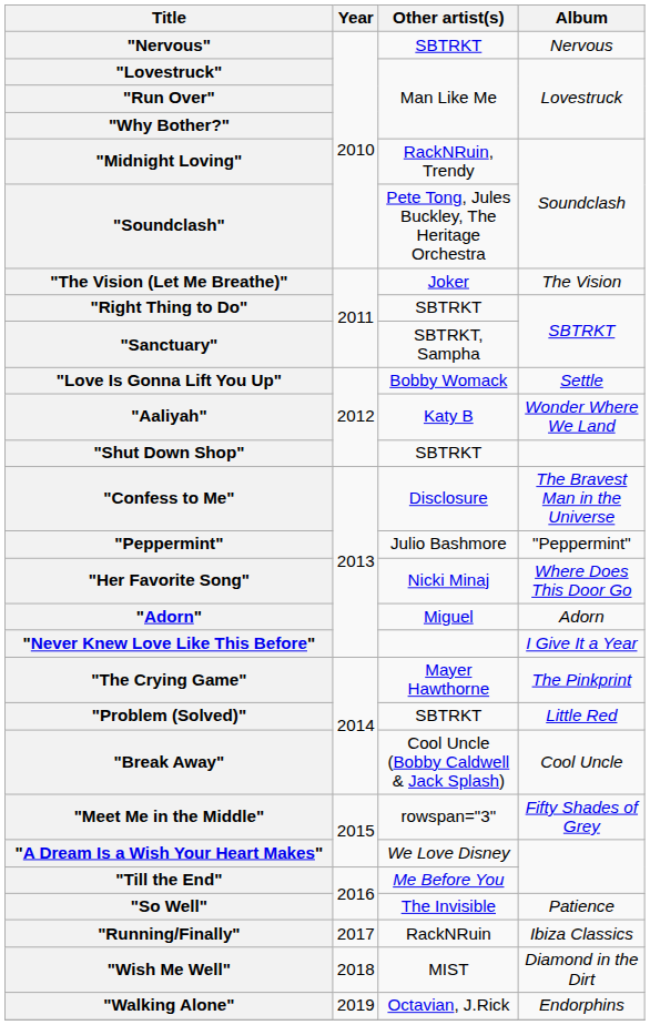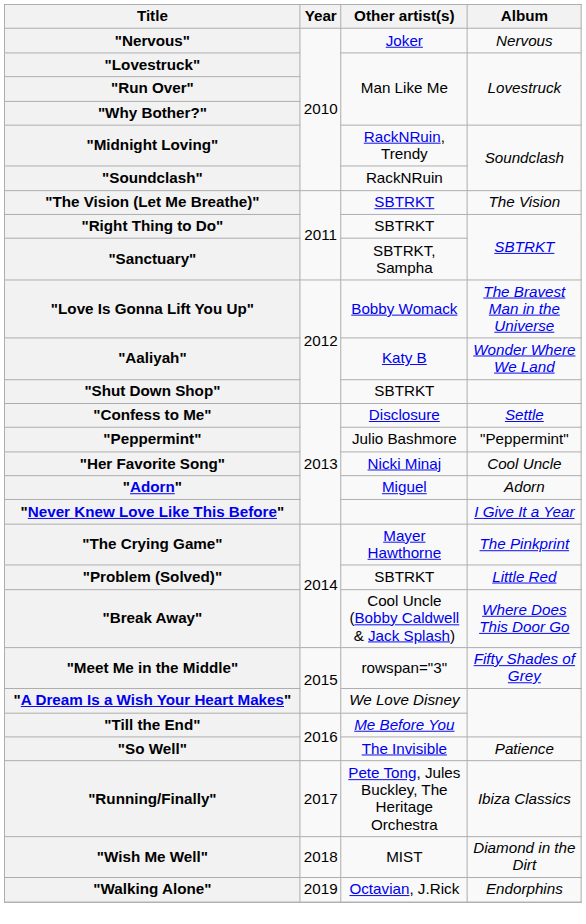 <table class="wikitable plainrowheaders" style="text-align:center;">
 <tr>
 <th scope="col" style="width:19em;">Title</th>
 <th scope="col" style="width:1em;">Year</th>
 <th>Other artist(s)</th>
 <th>Album</th>
 </tr>
 <tr>
 <th scope="row">"Nervous"</th>
 <td rowspan="6">2010</td>
-<td><a href='#'>SBTRKT</a></td>
+<td><a href='#'>Joker</a></td>
 <td><em>Nervous</em></td>
 </tr>
 <tr>
 <th scope="row">"Lovestruck"</th>
 <td rowspan="3">Man Like Me</td>
 <td rowspan="3"><em>Lovestruck</em></td>
 </tr>
 <tr>
 <th scope="row">"Run Over"</th>
 </tr>
 <tr>
 <th scope="row">"Why Bother?"</th>
 </tr>
 <tr>
 <th scope="row">"Midnight Loving"</th>
 <td><a href='#'>RackNRuin</a>, Trendy</td>
 <td rowspan="2"><em>Soundclash</em></td>
 </tr>
 <tr>
 <th scope="row">"Soundclash"</th>
-<td><a href='#'>Pete Tong</a>, Jules Buckley, The Heritage Orchestra</td>
+<td>RackNRuin</td>
 </tr>
 <tr>
 <th scope="row">"The Vision (Let Me Breathe)"</th>
 <td rowspan="3">2011</td>
-<td><a href='#'>Joker</a></td>
+<td><a href='#'>SBTRKT</a></td>
 <td><em>The Vision</em></td>
 </tr>
 <tr>
 <th scope="row">"Right Thing to Do"</th>
 <td>SBTRKT</td>
 <td rowspan="2"><em><a href='#'>SBTRKT</a></em></td>
 </tr>
 <tr>
 <th scope="row">"Sanctuary"</th>
 <td>SBTRKT, Sampha</td>
 </tr>
 <tr>
 <th scope="row">"Love Is Gonna Lift You Up"</th>
 <td rowspan="3">2012</td>
 <td><a href='#'>Bobby Womack</a></td>
-<td><em><a href='#'>Settle</a></em></td>
+<td><em><a href='#'>The Bravest Man in the Universe</a></em></td>
 </tr>
 <tr>
 <th scope="row">"Aaliyah"</th>
 <td><a href='#'>Katy B</a></td>
 <td><em><a href='#'>Wonder Where We Land</a></em></td>
 </tr>
 <tr>
 <th scope="row">"Shut Down Shop"</th>
 <td>SBTRKT</td>
 <td></td>
 </tr>
 <tr>
 <th scope="row">"Confess to Me"</th>
 <td rowspan="5">2013</td>
 <td><a href='#'>Disclosure</a></td>
-<td><em><a href='#'>The Bravest Man in the Universe</a></em></td>
+<td><em><a href='#'>Settle</a></em></td>
 </tr>
 <tr>
 <th scope="row">"Peppermint"</th>
 <td>Julio Bashmore</td>
 <td>"Peppermint"</td>
 </tr>
 <tr>
 <th scope="row">"Her Favorite Song"</th>
 <td><a href='#'>Nicki Minaj</a></td>
-<td><em><a href='#'>Where Does This Door Go</a></em></td>
+<td><em>Cool Uncle</em></td>
 </tr>
 <tr>
 <th scope="row">"<a href='#'>Adorn</a>"</th>
 <td><a href='#'>Miguel</a></td>
 <td><em>Adorn</em></td>
 </tr>
 <tr>
 <th scope="row">"<a href='#'>Never Knew Love Like This Before</a>"</th>
 <td></td>
 <td><em><a href='#'>I Give It a Year</a></em></td>
 </tr>
 <tr>
 <th scope="row">"The Crying Game"</th>
 <td rowspan="3">2014</td>
 <td><a href='#'>Mayer Hawthorne</a></td>
 <td><em><a href='#'>The Pinkprint</a></em></td>
 </tr>
 <tr>
 <th scope="row">"Problem (Solved)"</th>
 <td>SBTRKT</td>
 <td><em><a href='#'>Little Red</a></em></td>
 </tr>
 <tr>
 <th scope="row">"Break Away"</th>
 <td>Cool Uncle (<a href='#'>Bobby Caldwell</a> & <a href='#'>Jack Splash</a>)</td>
-<td><em>Cool Uncle</em></td>
+<td><em><a href='#'>Where Does This Door Go</a></em></td>
 </tr>
 <tr>
 <th scope="row">"Meet Me in the Middle"</th>
 <td rowspan="2">2015</td>
 <td>rowspan="3" </td>
 <td><em><a href='#'>Fifty Shades of Grey</a></em></td>
 </tr>
 <tr>
 <th scope="row">"<a href='#'>A Dream Is a Wish Your Heart Makes</a>"</th>
 <td><em>We Love Disney</em></td>
 </tr>
 <tr>
 <th scope="row">"Till the End"</th>
 <td rowspan="2">2016</td>
 <td><em><a href='#'>Me Before You</a></em></td>
 </tr>
 <tr>
 <th scope="row">"So Well"</th>
 <td><a href='#'>The Invisible</a></td>
 <td><em>Patience</em></td>
 </tr>
 <tr>
 <th scope="row">"Running/Finally"</th>
 <td>2017</td>
-<td>RackNRuin</td>
+<td><a href='#'>Pete Tong</a>, Jules Buckley, The Heritage Orchestra</td>
 <td><em>Ibiza Classics</em></td>
 </tr>
 <tr>
 <th scope="row">"Wish Me Well"</th>
 <td>2018</td>
 <td>MIST</td>
 <td><em>Diamond in the Dirt</em></td>
 </tr>
 <tr>
 <th scope="row">"Walking Alone"</th>
 <td>2019</td>
 <td><a href='#'>Octavian</a>, J.Rick</td>
 <td><em>Endorphins</em></td>
 </tr>
 <tr>
 </tr>
 </table>
